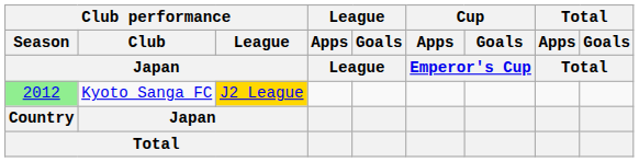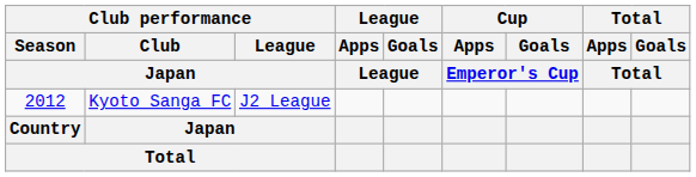 <table class="wikitable" style="text-align:center;">
 <tr>
 <th colspan=3>Club performance</th>
 <th colspan=2>League</th>
 <th colspan=2>Cup</th>
 <th colspan=2>Total</th>
 </tr>
 <tr>
 <th>Season</th>
 <th>Club</th>
 <th>League</th>
 <th>Apps</th>
 <th>Goals</th>
 <th>Apps</th>
 <th>Goals</th>
 <th>Apps</th>
 <th>Goals</th>
 </tr>
 <tr>
 <th colspan=3>Japan</th>
 <th colspan=2>League</th>
 <th colspan=2><a href='#'>Emperor's Cup</a></th>
 <th colspan=2>Total</th>
 </tr>
 <tr>
-<td style="background: lightgreen;"><a href='#'>2012</a></td>
+<td><a href='#'>2012</a></td>
 <td><a href='#'>Kyoto Sanga FC</a></td>
-<td style="background: gold;"><a href='#'>J2 League</a></td>
+<td><a href='#'>J2 League</a></td>
 <td></td>
 <td></td>
 <td></td>
 <td></td>
 <td></td>
 <td></td>
 </tr>
 <tr>
 <th rowspan=1>Country</th>
 <th colspan=2>Japan</th>
 <th></th>
 <th></th>
 <th></th>
 <th></th>
 <th></th>
 <th></th>
 </tr>
 <tr>
 <th colspan=3>Total</th>
 <th></th>
 <th></th>
 <th></th>
 <th></th>
 <th></th>
 <th></th>
 </tr>
 </table>
